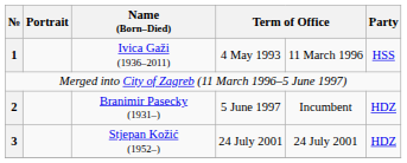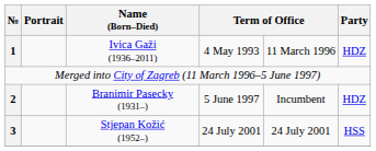 <table class="wikitable" style="text-align:center">
 <tr ->
 <th>№</th>
 <th>Portrait</th>
 <th width=180>Name<br><small>(Born–Died)</small></th>
 <th colspan=2>Term of Office</th>
 <th>Party</th>
 </tr>
 <tr ->
 <th style="background:">1</th>
 <td></td>
 <td><a href='#'>Ivica Gaži</a><br><small>(1936–2011)</small></td>
 <td>4 May 1993</td>
 <td>11 March 1996</td>
-<td><a href='#'>HSS</a></td>
+<td><a href='#'>HDZ</a></td>
 </tr>
 <tr ->
 <td colspan="6"><em>Merged into <a href='#'>City of Zagreb</a> (11 March 1996–5 June 1997)</em></td>
 </tr>
 <tr ->
 <th style="background:">2</th>
 <td></td>
 <td><a href='#'>Branimir Pasecky</a><br><small>(1931–)</small></td>
 <td>5 June 1997</td>
 <td>Incumbent</td>
 <td><a href='#'>HDZ</a></td>
 </tr>
 <tr ->
 <th style="background:">3</th>
 <td></td>
 <td><a href='#'>Stjepan Kožić</a><br><small>(1952–)</small></td>
 <td>24 July 2001</td>
 <td>24 July 2001</td>
-<td><a href='#'>HDZ</a></td>
+<td><a href='#'>HSS</a></td>
 </tr>
 <tr ->
 </tr>
 </table>
